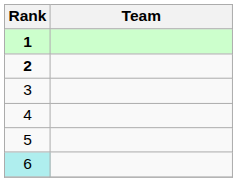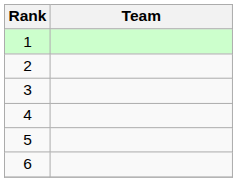 <table class="wikitable" style="text-align: center;">
 <tr>
 <th width=40>Rank</th>
 <th width=180>Team</th>
 </tr>
 <tr bgcolor=#ccffcc>
-<td><strong>1</strong></td>
+<td>1</td>
 <td align="left"></td>
 </tr>
 <tr>
-<td><strong>2</strong></td>
+<td>2</td>
 <td align="left"></td>
 </tr>
 <tr>
 <td>3</td>
 <td align="left"></td>
 </tr>
 <tr>
 <td>4</td>
 <td align="left"></td>
 </tr>
 <tr>
 <td>5</td>
 <td align="left"></td>
 </tr>
 <tr>
-<td style="background: paleturquoise;">6</td>
+<td>6</td>
 <td align="left"></td>
 </tr>
 <tr>
 </tr>
 </table>
